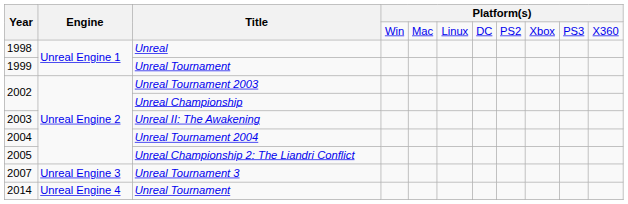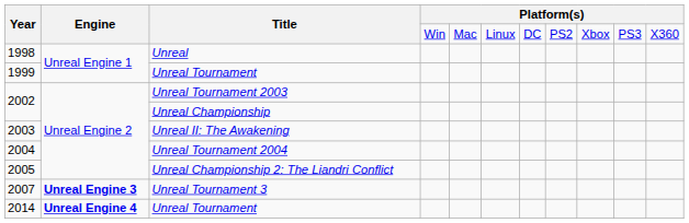 <table class="wikitable" style="width:70%">
 <tr>
 <th rowspan="2">Year</th>
 <th rowspan="2">Engine</th>
 <th rowspan="2">Title</th>
 <th colspan="8">Platform(s)</th>
 </tr>
 <tr style="text-align:center;">
 <td><a href='#'>Win</a></td>
 <td><a href='#'>Mac</a></td>
 <td><a href='#'>Linux</a></td>
 <td><a href='#'>DC</a></td>
 <td><a href='#'>PS2</a></td>
 <td><a href='#'>Xbox</a></td>
 <td><a href='#'>PS3</a></td>
 <td><a href='#'>X360</a></td>
 </tr>
 <tr>
 <td>1998</td>
 <td rowspan="2"><a href='#'>Unreal Engine 1</a></td>
 <td><em><a href='#'>Unreal</a></em></td>
 <td></td>
 <td></td>
 <td></td>
 <td></td>
 <td></td>
 <td></td>
 <td></td>
 <td></td>
 </tr>
 <tr>
 <td>1999</td>
 <td><em><a href='#'>Unreal Tournament</a></em></td>
 <td></td>
 <td></td>
 <td></td>
 <td></td>
 <td></td>
 <td></td>
 <td></td>
 <td></td>
 </tr>
 <tr>
 <td rowspan="2">2002</td>
 <td rowspan="5"><a href='#'>Unreal Engine 2</a></td>
 <td><em><a href='#'>Unreal Tournament 2003</a></em></td>
 <td></td>
 <td></td>
 <td></td>
 <td></td>
 <td></td>
 <td></td>
 <td></td>
 <td></td>
 </tr>
 <tr>
 <td><em><a href='#'>Unreal Championship</a></em></td>
 <td></td>
 <td></td>
 <td></td>
 <td></td>
 <td></td>
 <td></td>
 <td></td>
 <td></td>
 </tr>
 <tr>
 <td>2003</td>
 <td><em><a href='#'>Unreal II: The Awakening</a></em></td>
 <td></td>
 <td></td>
 <td></td>
 <td></td>
 <td></td>
 <td></td>
 <td></td>
 <td></td>
 </tr>
 <tr>
 <td>2004</td>
 <td><em><a href='#'>Unreal Tournament 2004</a></em></td>
 <td></td>
 <td></td>
 <td></td>
 <td></td>
 <td></td>
 <td></td>
 <td></td>
 <td></td>
 </tr>
 <tr>
 <td>2005</td>
 <td><em><a href='#'>Unreal Championship 2: The Liandri Conflict</a></em></td>
 <td></td>
 <td></td>
 <td></td>
 <td></td>
 <td></td>
 <td></td>
 <td></td>
 <td></td>
 </tr>
 <tr>
 <td>2007</td>
-<td><a href='#'>Unreal Engine 3</a></td>
+<td><strong><a href='#'>Unreal Engine 3</a></strong></td>
 <td><em><a href='#'>Unreal Tournament 3</a></em></td>
 <td></td>
 <td></td>
 <td></td>
 <td></td>
 <td></td>
 <td></td>
 <td></td>
 <td></td>
 </tr>
 <tr>
 <td>2014</td>
-<td><a href='#'>Unreal Engine 4</a></td>
+<td><strong><a href='#'>Unreal Engine 4</a></strong></td>
 <td><em><a href='#'>Unreal Tournament</a></em></td>
 <td></td>
 <td></td>
 <td></td>
 <td></td>
 <td></td>
 <td></td>
 <td></td>
 <td></td>
 </tr>
 </table>
